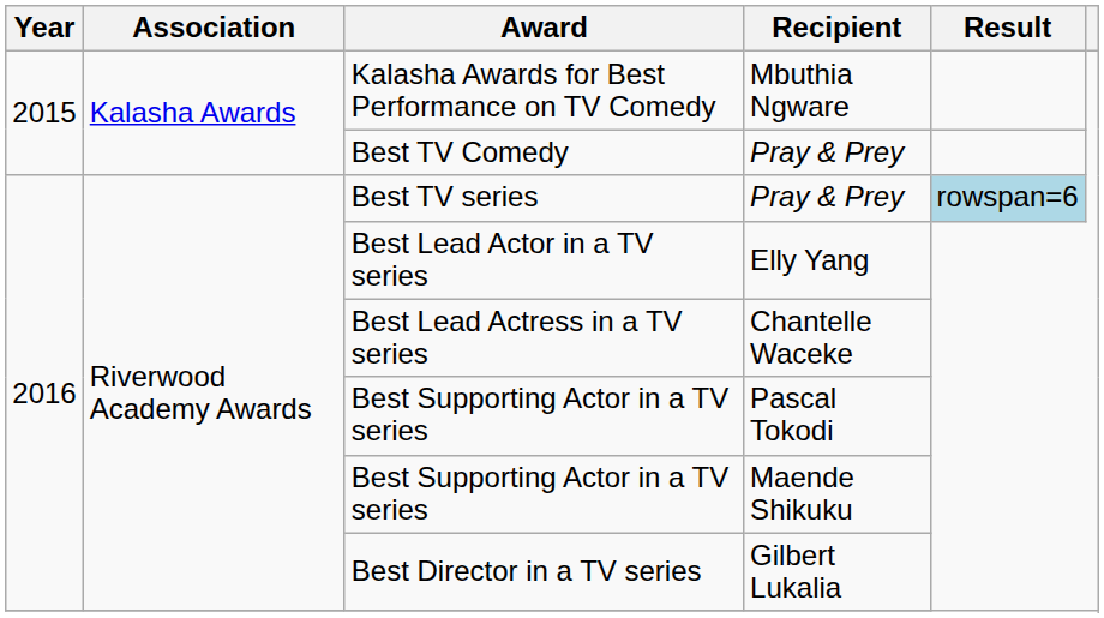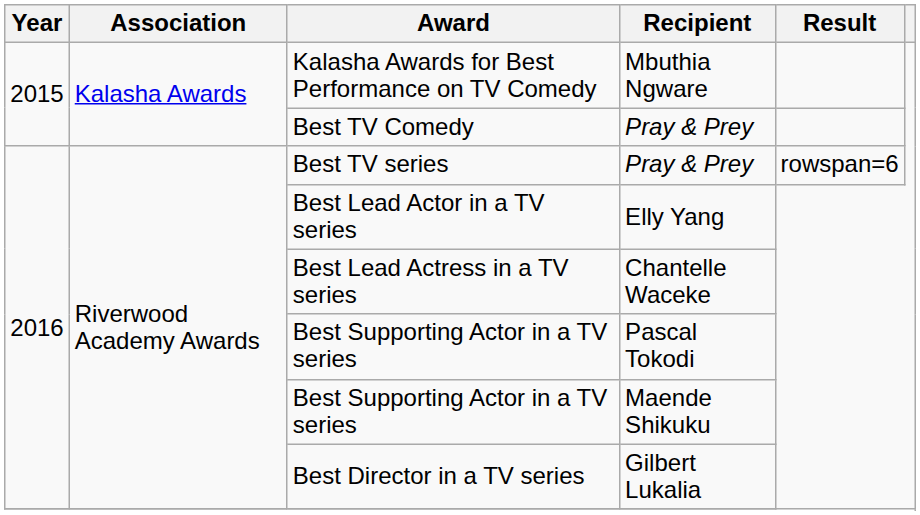 <table class= "wikitable sortable">
 <tr>
 <th>Year</th>
 <th>Association</th>
 <th>Award</th>
 <th>Recipient</th>
 <th>Result</th>
 <th></th>
 </tr>
 <tr>
 <td rowspan=2>2015</td>
 <td rowspan=2><a href='#'>Kalasha Awards</a></td>
 <td>Kalasha Awards for Best Performance on TV Comedy</td>
 <td>Mbuthia Ngware</td>
 <td></td>
 </tr>
 <tr>
 <td>Best TV Comedy</td>
 <td><em>Pray & Prey</em></td>
 <td></td>
 </tr>
 <tr>
 <td rowspan=6>2016</td>
 <td rowspan=6>Riverwood Academy Awards</td>
 <td>Best TV series</td>
 <td><em>Pray & Prey</em></td>
-<td style="background: lightblue;">rowspan=6 </td>
+<td>rowspan=6 </td>
 </tr>
 <tr>
 <td>Best Lead Actor in a TV series</td>
 <td>Elly Yang</td>
 </tr>
 <tr>
 <td>Best Lead Actress in a TV series</td>
 <td>Chantelle Waceke</td>
 </tr>
 <tr>
 <td>Best Supporting Actor in a TV series</td>
 <td>Pascal Tokodi</td>
 </tr>
 <tr>
 <td>Best Supporting Actor in a TV series</td>
 <td>Maende Shikuku</td>
 </tr>
 <tr>
 <td>Best Director in a TV series</td>
 <td>Gilbert Lukalia</td>
 </tr>
 <tr>
 </tr>
 </table>
